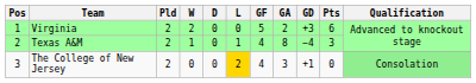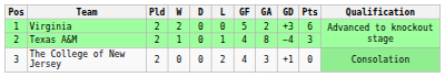 <table class="wikitable" style="text-align:center; margin: 1em auto">
 <tr>
 <th style="width:2em">Pos</th>
 <th style="width:13em">Team</th>
 <th style="width:2em">Pld</th>
 <th style="width:2em">W</th>
 <th style="width:2em">D</th>
 <th style="width:2em">L</th>
 <th style="width:2em">GF</th>
 <th style="width:2em">GA</th>
 <th style="width:2em">GD</th>
 <th style="width:2em">Pts</th>
 <th style="width:13em">Qualification</th>
 </tr>
 <tr bgcolor="#9eff9e">
 <td>1</td>
 <td style="text-align:left">Virginia</td>
 <td>2</td>
 <td>2</td>
 <td>0</td>
 <td>0</td>
 <td>5</td>
 <td>2</td>
 <td>+3</td>
 <td>6</td>
 <td rowspan="2">Advanced to knockout stage</td>
 </tr>
 <tr bgcolor="#9eff9e">
 <td>2</td>
 <td style="text-align:left">Texas A&M</td>
 <td>2</td>
 <td>1</td>
 <td>0</td>
 <td>1</td>
 <td>4</td>
 <td>8</td>
 <td>−4</td>
 <td>3</td>
 </tr>
 <tr>
 <td>3</td>
 <td style="text-align:left">The College of New Jersey</td>
 <td>2</td>
 <td>0</td>
 <td>0</td>
-<td style="background: gold;">2</td>
+<td>2</td>
 <td>4</td>
 <td>3</td>
 <td>+1</td>
 <td>0</td>
 <td style="background: lightgreen;">Consolation</td>
 </tr>
 </table>
